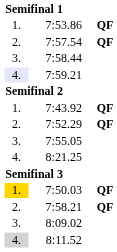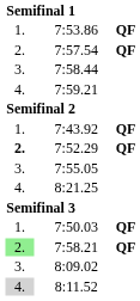 <table style="text-align:center">
 <tr>
 <td colspan=4 align=left><strong>Semifinal 1</strong></td>
 </tr>
 <tr>
 <td width=30>1.</td>
 <td align=left></td>
 <td width=80>7:53.86</td>
 <td><strong>QF</strong></td>
 </tr>
 <tr>
 <td>2.</td>
 <td align=left></td>
 <td>7:57.54</td>
 <td><strong>QF</strong></td>
 </tr>
 <tr>
 <td>3.</td>
 <td align=left></td>
 <td>7:58.44</td>
 <td></td>
 </tr>
 <tr>
-<td style="background: lavender;">4.</td>
+<td>4.</td>
 <td align=left></td>
 <td>7:59.21</td>
 <td></td>
 </tr>
 <tr>
 <td colspan=4 align=left><strong>Semifinal 2</strong></td>
 </tr>
 <tr>
 <td>1.</td>
 <td align=left></td>
 <td>7:43.92</td>
 <td><strong>QF</strong></td>
 </tr>
 <tr>
-<td>2.</td>
+<td><strong>2.</strong></td>
 <td align=left></td>
 <td>7:52.29</td>
 <td><strong>QF</strong></td>
 </tr>
 <tr>
 <td>3.</td>
 <td align=left></td>
 <td>7:55.05</td>
 <td></td>
 </tr>
 <tr>
 <td>4.</td>
 <td align=left></td>
 <td>8:21.25</td>
 <td></td>
 </tr>
 <tr>
 <td colspan=4 align=left><strong>Semifinal 3</strong></td>
 </tr>
 <tr>
-<td style="background: gold;">1.</td>
+<td>1.</td>
 <td align=left></td>
 <td>7:50.03</td>
 <td><strong>QF</strong></td>
 </tr>
 <tr>
-<td>2.</td>
+<td style="background: lightgreen;">2.</td>
 <td align=left></td>
 <td>7:58.21</td>
 <td><strong>QF</strong></td>
 </tr>
 <tr>
 <td>3.</td>
 <td align=left></td>
 <td>8:09.02</td>
 <td></td>
 </tr>
 <tr>
 <td style="background: lightgrey;">4.</td>
 <td align=left></td>
 <td>8:11.52</td>
 <td></td>
 </tr>
 </table>
